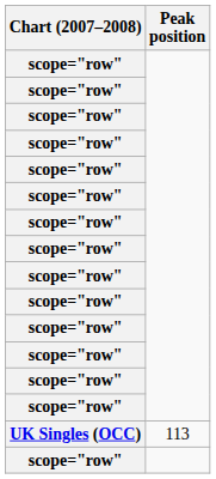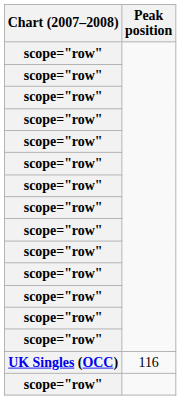 <table class="wikitable sortable plainrowheaders" style="text-align:center">
 <tr>
 <th>Chart (2007–2008)</th>
 <th>Peak<br>position</th>
 </tr>
 <tr>
 <th>scope="row"</th>
 </tr>
 <tr>
 <th>scope="row"</th>
 </tr>
 <tr>
 <th>scope="row"</th>
 </tr>
 <tr>
 <th>scope="row"</th>
 </tr>
 <tr>
 <th>scope="row"</th>
 </tr>
 <tr>
 <th>scope="row"</th>
 </tr>
 <tr>
 <th>scope="row"</th>
 </tr>
 <tr>
 <th>scope="row"</th>
 </tr>
 <tr>
 <th>scope="row"</th>
 </tr>
 <tr>
 <th>scope="row"</th>
 </tr>
 <tr>
 <th>scope="row"</th>
 </tr>
 <tr>
 <th>scope="row"</th>
 </tr>
 <tr>
 <th>scope="row"</th>
 </tr>
 <tr>
 <th>scope="row"</th>
 </tr>
 <tr>
 <th scope="row"><a href='#'>UK Singles</a> (<a href='#'>OCC</a>)</th>
-<td>113</td>
+<td>116</td>
 </tr>
 <tr>
 <th>scope="row"</th>
 </tr>
 </table>
